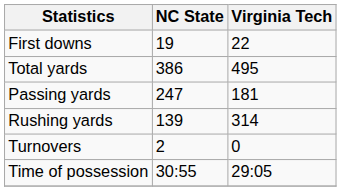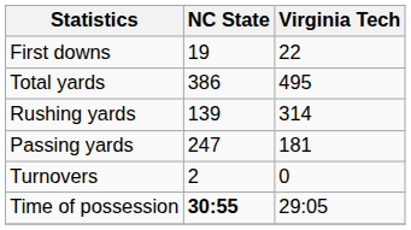 <table class="wikitable">
 <tr>
 <th>Statistics</th>
 <th>NC State</th>
 <th>Virginia Tech</th>
 </tr>
 <tr>
 <td>First downs</td>
 <td>19</td>
 <td>22</td>
 </tr>
 <tr>
 <td>Total yards</td>
 <td>386</td>
 <td>495</td>
 </tr>
 <tr>
+<td>Rushing yards</td>
+<td>139</td>
+<td>314</td>
+</tr>
+<tr>
 <td>Passing yards</td>
 <td>247</td>
 <td>181</td>
-</tr>
-<tr>
-<td>Rushing yards</td>
-<td>139</td>
-<td>314</td>
 </tr>
 <tr>
 <td>Turnovers</td>
 <td>2</td>
 <td>0</td>
 </tr>
 <tr>
 <td>Time of possession</td>
-<td>30:55</td>
+<td><strong>30:55</strong></td>
 <td>29:05</td>
 </tr>
 <tr>
 </tr>
 </table>
